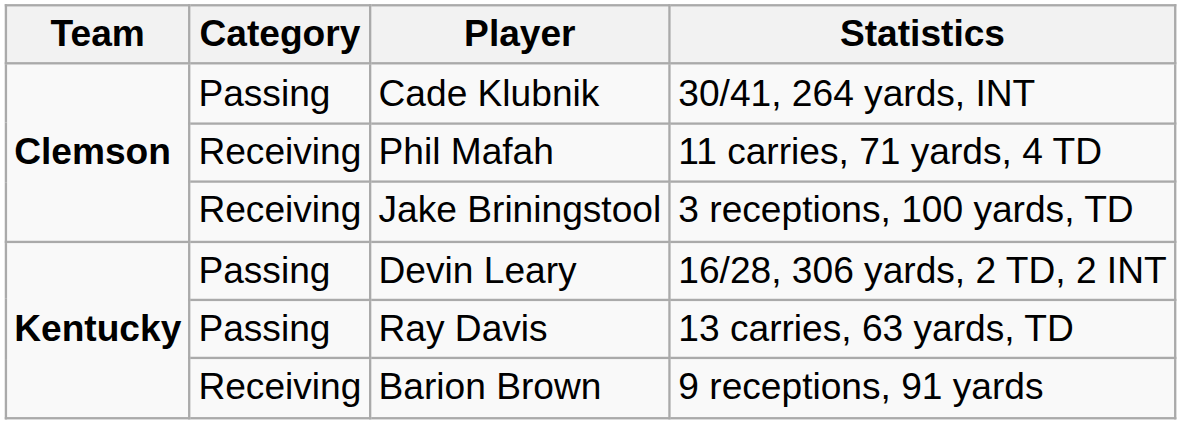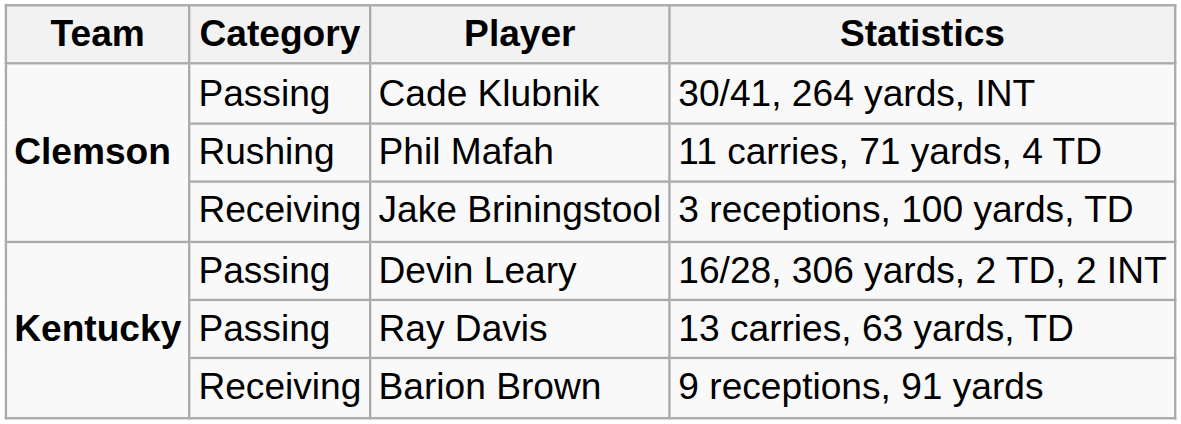 <table class="wikitable" style="float: right;">
 <tr>
 <th>Team</th>
 <th>Category</th>
 <th>Player</th>
 <th>Statistics</th>
 </tr>
 <tr>
 <td rowspan=3><strong>Clemson</strong></td>
 <td>Passing</td>
 <td>Cade Klubnik</td>
 <td>30/41, 264 yards, INT</td>
 </tr>
 <tr>
-<td>Receiving</td>
+<td>Rushing</td>
 <td>Phil Mafah</td>
 <td>11 carries, 71 yards, 4 TD</td>
 </tr>
 <tr>
 <td>Receiving</td>
 <td>Jake Briningstool</td>
 <td>3 receptions, 100 yards, TD</td>
 </tr>
 <tr>
 <td rowspan=3><strong>Kentucky</strong></td>
 <td>Passing</td>
 <td>Devin Leary</td>
 <td>16/28, 306 yards, 2 TD, 2 INT</td>
 </tr>
 <tr>
 <td>Passing</td>
 <td>Ray Davis</td>
 <td>13 carries, 63 yards, TD</td>
 </tr>
 <tr>
 <td>Receiving</td>
 <td>Barion Brown</td>
 <td>9 receptions, 91 yards</td>
 </tr>
 </table>
